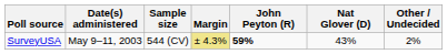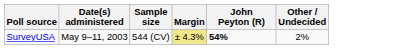 <table class="wikitable" style="font-size:90%">
 <tr valign=bottom>
 <th>Poll source</th>
 <th>Date(s)<br>administered</th>
 <th>Sample<br>size</th>
 <th>Margin<br></th>
 <th style="width:100px;">John<br>Peyton (R)</th>
-<th style="width:100px;">Nat<br>Glover (D)</th>
 <th>Other /<br>Undecided</th>
 </tr>
 <tr>
 <td><a href='#'>SurveyUSA</a></td>
 <td align=center>May 9–11, 2003</td>
 <td align=center>544 (CV)</td>
 <td align=center style="background: khaki;">± 4.3%</td>
-<td><strong>59%</strong></td>
-<td align=center>43%</td>
+<td><strong>54%</strong></td>
 <td align=center>2%</td>
 </tr>
 </table>
